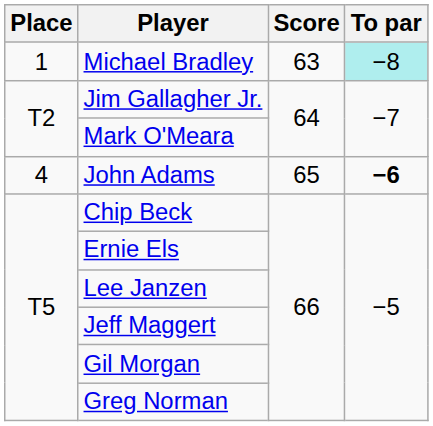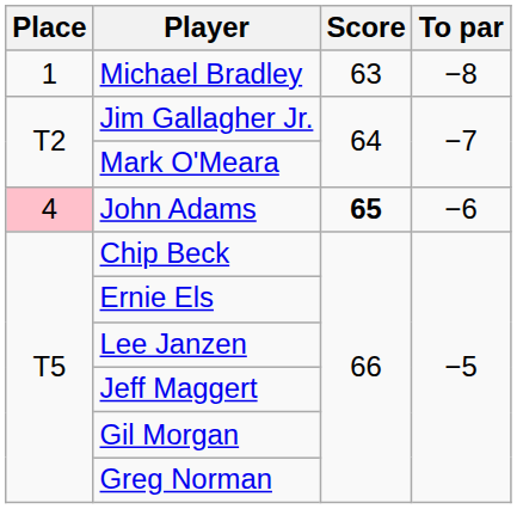 <table class="wikitable">
 <tr>
 <th>Place</th>
 <th>Player</th>
 <th>Score</th>
 <th>To par</th>
 </tr>
 <tr>
 <td align=center>1</td>
 <td> <a href='#'>Michael Bradley</a></td>
 <td align=center>63</td>
-<td align=center style="background: paleturquoise;">−8</td>
+<td align=center>−8</td>
 </tr>
 <tr>
 <td rowspan="2" align=center>T2</td>
 <td> <a href='#'>Jim Gallagher Jr.</a></td>
 <td rowspan="2" align=center>64</td>
 <td rowspan="2" align=center>−7</td>
 </tr>
 <tr>
 <td> <a href='#'>Mark O'Meara</a></td>
 </tr>
 <tr>
-<td align=center>4</td>
+<td align=center style="background: pink;">4</td>
 <td> <a href='#'>John Adams</a></td>
-<td align=center>65</td>
-<td align=center><strong>−6</strong></td>
+<td align=center><strong>65</strong></td>
+<td align=center>−6</td>
 </tr>
 <tr>
 <td rowspan="6" align=center>T5</td>
 <td> <a href='#'>Chip Beck</a></td>
 <td rowspan="6" align=center>66</td>
 <td rowspan="6" align=center>−5</td>
 </tr>
 <tr>
 <td> <a href='#'>Ernie Els</a></td>
 </tr>
 <tr>
 <td> <a href='#'>Lee Janzen</a></td>
 </tr>
 <tr>
 <td> <a href='#'>Jeff Maggert</a></td>
 </tr>
 <tr>
 <td> <a href='#'>Gil Morgan</a></td>
 </tr>
 <tr>
 <td> <a href='#'>Greg Norman</a></td>
 </tr>
 </table>
